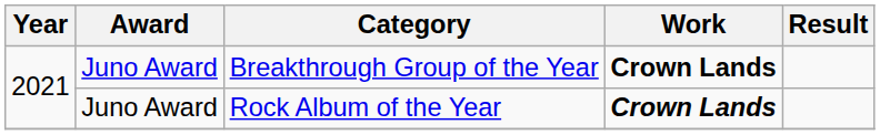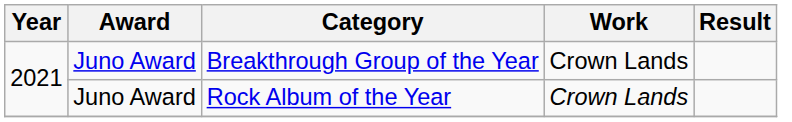 <table class="wikitable">
 <tr>
 <th style="text-align:center;">Year</th>
 <th style="text-align:center;">Award</th>
 <th style="text-align:center;">Category</th>
 <th style="text-align:center;">Work</th>
 <th style="text-align:center;">Result</th>
 </tr>
 <tr>
 <td rowspan="2">2021</td>
 <td><a href='#'>Juno Award</a></td>
 <td><a href='#'>Breakthrough Group of the Year</a></td>
-<td><strong>Crown Lands</strong></td>
+<td>Crown Lands</td>
 <td></td>
 </tr>
 <tr>
 <td>Juno Award</td>
 <td><a href='#'>Rock Album of the Year</a></td>
-<td><strong><em>Crown Lands</em></strong></td>
+<td><em>Crown Lands</em></td>
 <td></td>
 </tr>
 <tr>
 </tr>
 </table>
